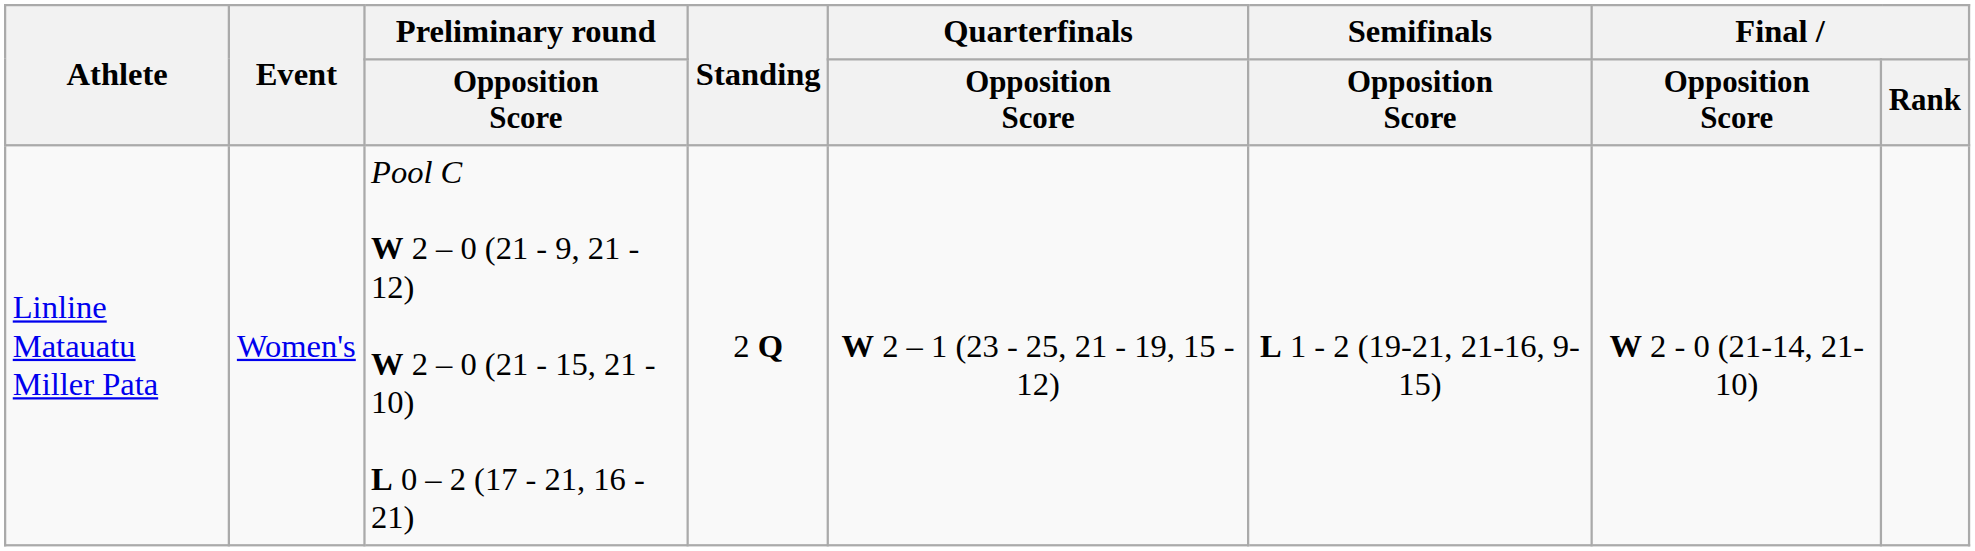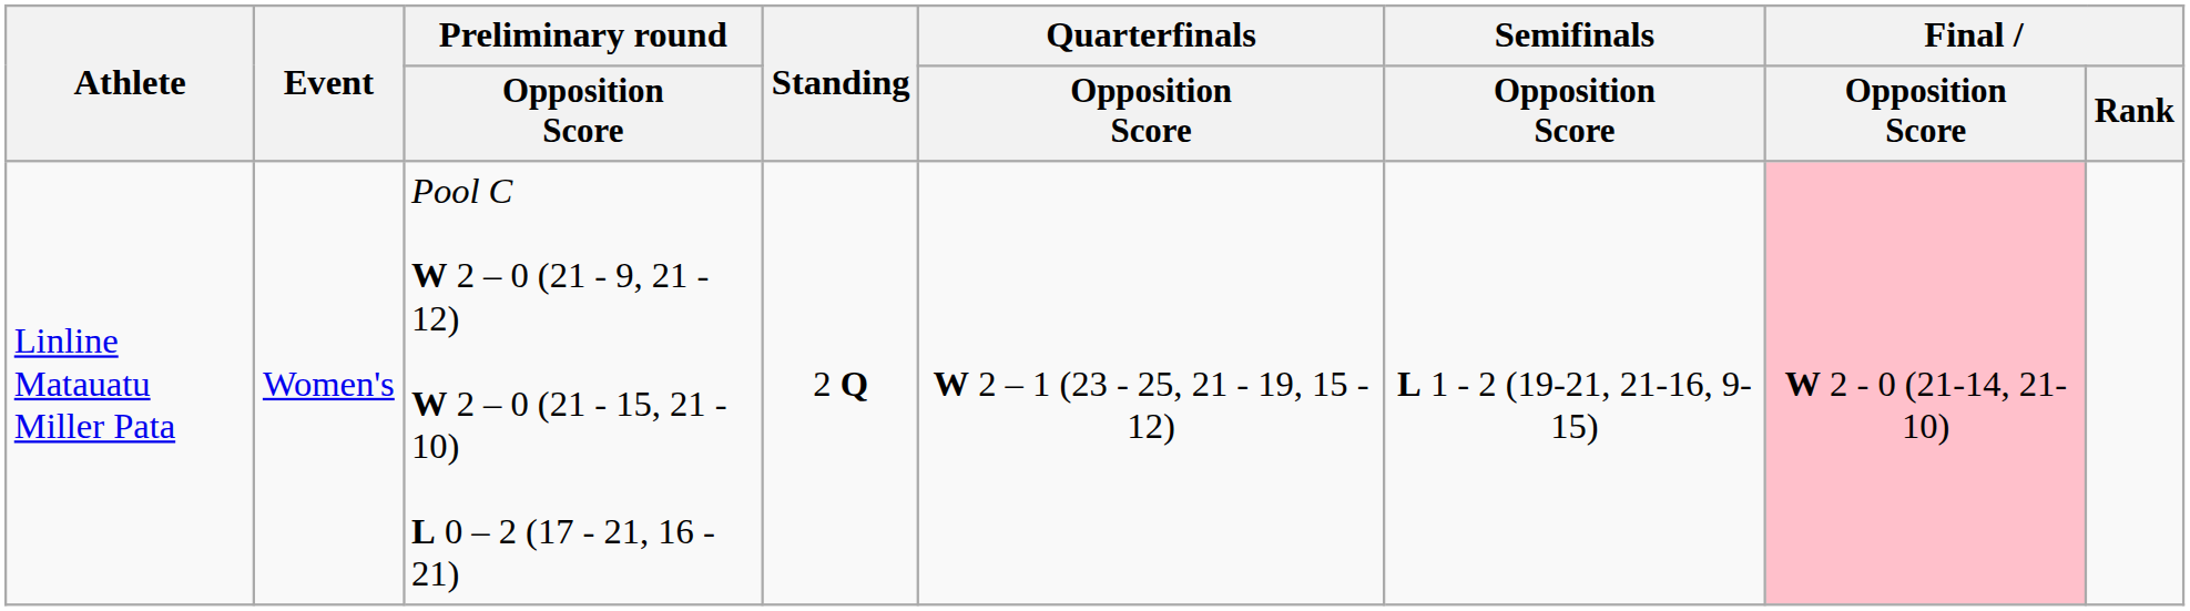 <table class=wikitable style="font-size:90%">
 <tr>
 <th rowspan="2">Athlete</th>
 <th rowspan="2">Event</th>
 <th>Preliminary round</th>
 <th rowspan="2">Standing</th>
 <th>Quarterfinals</th>
 <th>Semifinals</th>
 <th colspan=2>Final / </th>
 </tr>
 <tr style="font-size:95%">
 <th>Opposition<br>Score</th>
 <th>Opposition<br>Score</th>
 <th>Opposition<br>Score</th>
 <th>Opposition<br>Score</th>
 <th>Rank</th>
 </tr>
 <tr align=center>
 <td align=left><a href='#'>Linline Matauatu</a><br><a href='#'>Miller Pata</a></td>
 <td align=left><a href='#'>Women's</a></td>
 <td align=left><em>Pool C</em><br><br><strong>W</strong> 2 – 0 (21 - 9, 21 - 12)<br><br><strong>W</strong> 2 – 0 (21 - 15, 21 - 10)<br><br><strong>L</strong> 0 – 2 (17 - 21, 16 - 21)</td>
 <td>2 <strong>Q</strong></td>
 <td><br><strong>W</strong> 2 – 1 (23 - 25, 21 - 19, 15 - 12)</td>
 <td><br><strong>L</strong> 1 - 2 (19-21, 21-16, 9-15)</td>
-<td><br><strong>W</strong> 2 - 0 (21-14, 21-10)</td>
+<td style="background: pink;"><br><strong>W</strong> 2 - 0 (21-14, 21-10)</td>
 <td></td>
 </tr>
 </table>
